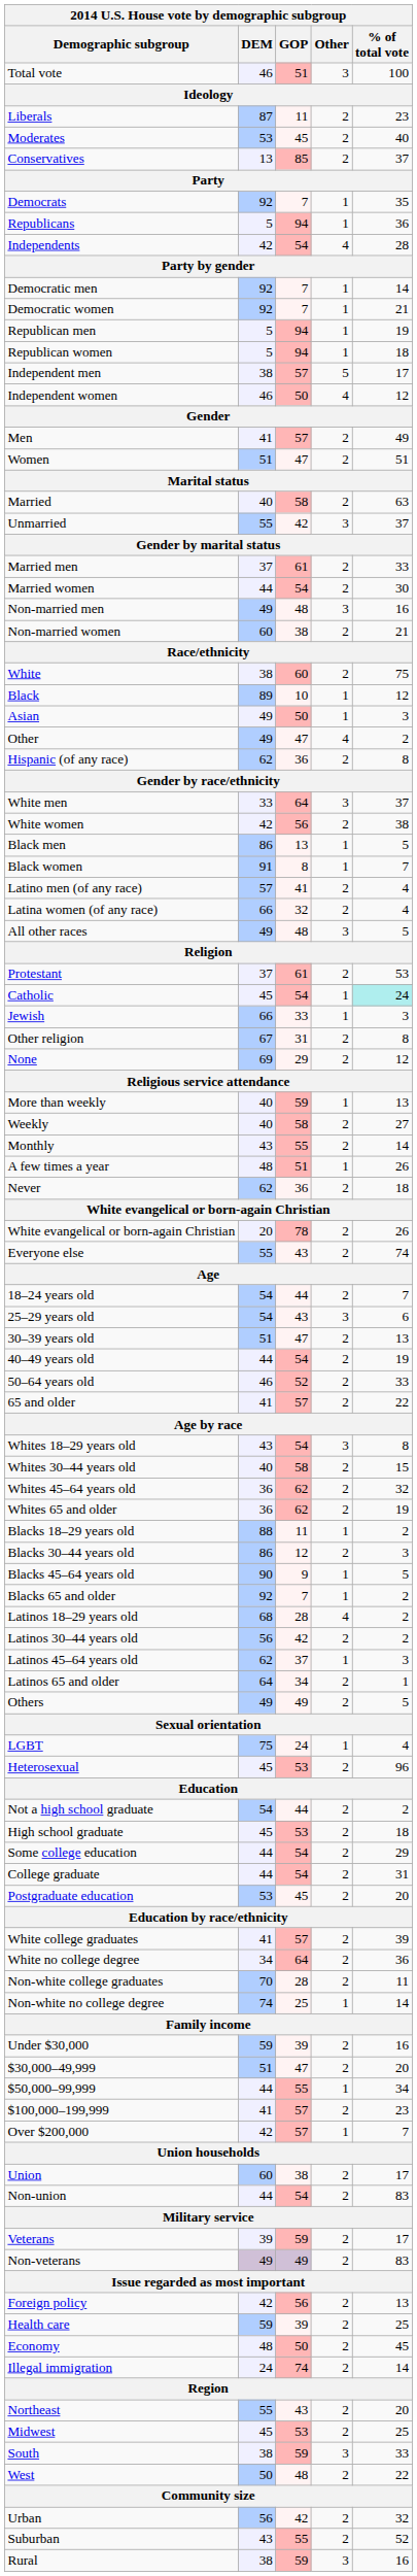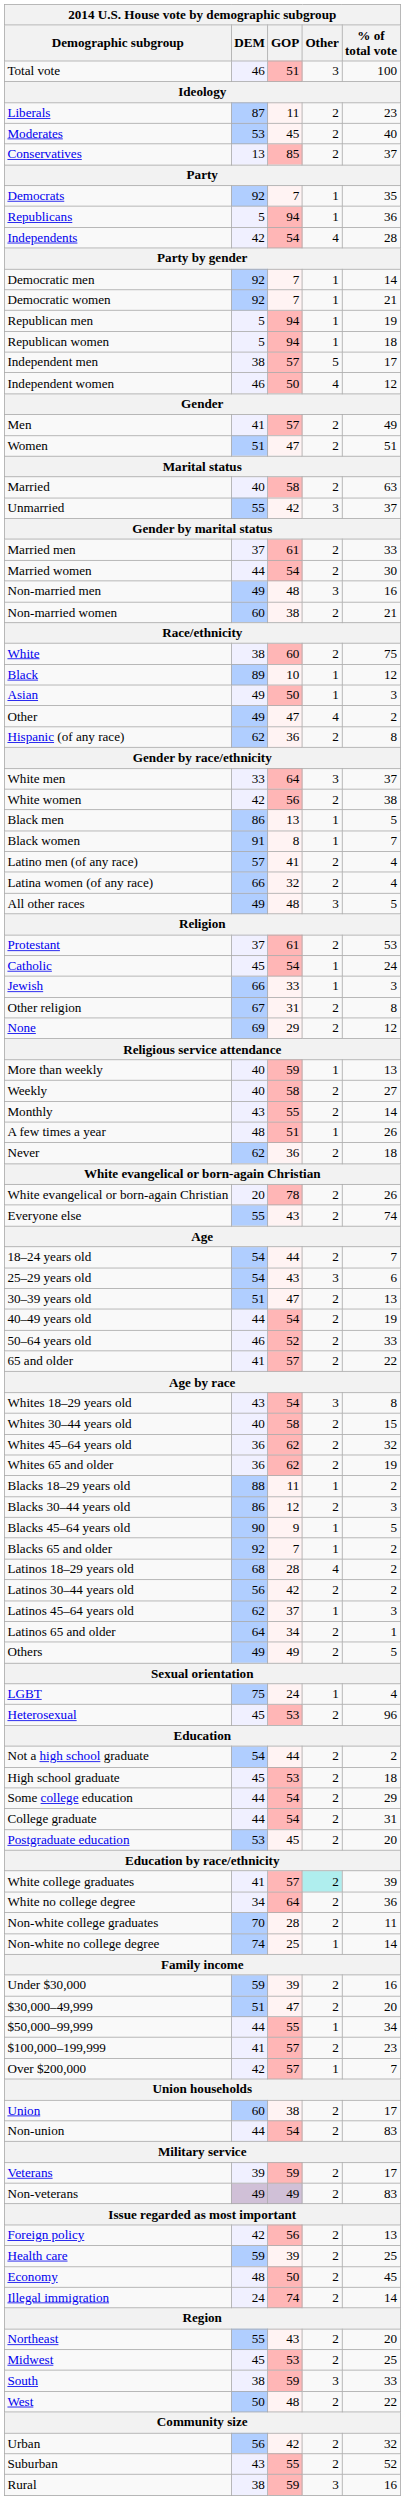 <table class="wikitable sortable">
 <tr>
 <th colspan="8">2014 U.S. House vote by demographic subgroup</th>
 </tr>
 <tr>
 <th>Demographic subgroup</th>
 <th>DEM</th>
 <th>GOP</th>
 <th>Other</th>
 <th>% of<br>total vote</th>
 </tr>
 <tr>
 <td>Total vote</td>
 <td style="text-align:right; background:#f0f0ff">46</td>
 <td style="text-align:right; background:#ffb6b6">51</td>
 <td style="text-align:right">3</td>
 <td style="text-align:right">100</td>
 </tr>
 <tr>
 <th colspan=5>Ideology</th>
 </tr>
 <tr>
 <td><a href='#'>Liberals</a></td>
 <td style="text-align:right; background:#b0ceff">87</td>
 <td style="text-align:right; background:#fff3f3">11</td>
 <td style="text-align:right">2</td>
 <td style="text-align:right">23</td>
 </tr>
 <tr>
 <td><a href='#'>Moderates</a></td>
 <td style="text-align:right; background:#b0ceff">53</td>
 <td style="text-align:right; background:#fff3f3">45</td>
 <td style="text-align:right">2</td>
 <td style="text-align:right">40</td>
 </tr>
 <tr>
 <td><a href='#'>Conservatives</a></td>
 <td style="text-align:right; background:#f0f0ff">13</td>
 <td style="text-align:right; background:#ffb6b6">85</td>
 <td style="text-align:right">2</td>
 <td style="text-align:right">37</td>
 </tr>
 <tr>
 <th colspan=5>Party</th>
 </tr>
 <tr>
 <td><a href='#'>Democrats</a></td>
 <td style="text-align:right; background:#b0ceff">92</td>
 <td style="text-align:right; background:#fff3f3">7</td>
 <td style="text-align:right">1</td>
 <td style="text-align:right">35</td>
 </tr>
 <tr>
 <td><a href='#'>Republicans</a></td>
 <td style="text-align:right; background:#f0f0ff">5</td>
 <td style="text-align:right; background:#ffb6b6">94</td>
 <td style="text-align:right">1</td>
 <td style="text-align:right">36</td>
 </tr>
 <tr>
 <td><a href='#'>Independents</a></td>
 <td style="text-align:right; background:#f0f0ff">42</td>
 <td style="text-align:right; background:#ffb6b6">54</td>
 <td style="text-align:right">4</td>
 <td style="text-align:right">28</td>
 </tr>
 <tr>
 <th colspan=5>Party by gender</th>
 </tr>
 <tr>
 <td>Democratic men</td>
 <td style="text-align:right; background:#b0ceff">92</td>
 <td style="text-align:right; background:#fff3f3">7</td>
 <td style="text-align:right">1</td>
 <td style="text-align:right">14</td>
 </tr>
 <tr>
 <td>Democratic women</td>
 <td style="text-align:right; background:#b0ceff">92</td>
 <td style="text-align:right; background:#fff3f3">7</td>
 <td style="text-align:right">1</td>
 <td style="text-align:right">21</td>
 </tr>
 <tr>
 <td>Republican men</td>
 <td style="text-align:right; background:#f0f0ff">5</td>
 <td style="text-align:right; background:#ffb6b6">94</td>
 <td style="text-align:right">1</td>
 <td style="text-align:right">19</td>
 </tr>
 <tr>
 <td>Republican women</td>
 <td style="text-align:right; background:#f0f0ff">5</td>
 <td style="text-align:right; background:#ffb6b6">94</td>
 <td style="text-align:right">1</td>
 <td style="text-align:right">18</td>
 </tr>
 <tr>
 <td>Independent men</td>
 <td style="text-align:right; background:#f0f0ff">38</td>
 <td style="text-align:right; background:#ffb6b6">57</td>
 <td style="text-align:right">5</td>
 <td style="text-align:right">17</td>
 </tr>
 <tr>
 <td>Independent women</td>
 <td style="text-align:right; background:#f0f0ff">46</td>
 <td style="text-align:right; background:#ffb6b6">50</td>
 <td style="text-align:right">4</td>
 <td style="text-align:right">12</td>
 </tr>
 <tr>
 <th colspan=5>Gender</th>
 </tr>
 <tr>
 <td>Men</td>
 <td style="text-align:right; background:#f0f0ff">41</td>
 <td style="text-align:right; background:#ffb6b6">57</td>
 <td style="text-align:right">2</td>
 <td style="text-align:right">49</td>
 </tr>
 <tr>
 <td>Women</td>
 <td style="text-align:right; background:#b0ceff">51</td>
 <td style="text-align:right; background:#fff3f3">47</td>
 <td style="text-align:right">2</td>
 <td style="text-align:right">51</td>
 </tr>
 <tr>
 <th colspan=5>Marital status</th>
 </tr>
 <tr>
 <td>Married</td>
 <td style="text-align:right; background:#f0f0ff">40</td>
 <td style="text-align:right; background:#ffb6b6">58</td>
 <td style="text-align:right">2</td>
 <td style="text-align:right">63</td>
 </tr>
 <tr>
 <td>Unmarried</td>
 <td style="text-align:right; background:#b0ceff">55</td>
 <td style="text-align:right; background:#fff3f3">42</td>
 <td style="text-align:right">3</td>
 <td style="text-align:right">37</td>
 </tr>
 <tr>
 <th colspan=5>Gender by marital status</th>
 </tr>
 <tr>
 <td>Married men</td>
 <td style="text-align:right; background:#f0f0ff">37</td>
 <td style="text-align:right; background:#ffb6b6">61</td>
 <td style="text-align:right">2</td>
 <td style="text-align:right">33</td>
 </tr>
 <tr>
 <td>Married women</td>
 <td style="text-align:right; background:#f0f0ff">44</td>
 <td style="text-align:right; background:#ffb6b6">54</td>
 <td style="text-align:right">2</td>
 <td style="text-align:right">30</td>
 </tr>
 <tr>
 <td>Non-married men</td>
 <td style="text-align:right; background:#b0ceff">49</td>
 <td style="text-align:right; background:#fff3f3">48</td>
 <td style="text-align:right">3</td>
 <td style="text-align:right">16</td>
 </tr>
 <tr>
 <td>Non-married women</td>
 <td style="text-align:right; background:#b0ceff">60</td>
 <td style="text-align:right; background:#fff3f3">38</td>
 <td style="text-align:right">2</td>
 <td style="text-align:right">21</td>
 </tr>
 <tr>
 <th colspan=5>Race/ethnicity</th>
 </tr>
 <tr>
 <td><a href='#'>White</a></td>
 <td style="text-align:right; background:#f0f0ff">38</td>
 <td style="text-align:right; background:#ffb6b6">60</td>
 <td style="text-align:right">2</td>
 <td style="text-align:right">75</td>
 </tr>
 <tr>
 <td><a href='#'>Black</a></td>
 <td style="text-align:right; background:#b0ceff">89</td>
 <td style="text-align:right; background:#fff3f3">10</td>
 <td style="text-align:right">1</td>
 <td style="text-align:right">12</td>
 </tr>
 <tr>
 <td><a href='#'>Asian</a></td>
 <td style="text-align:right; background:#f0f0ff">49</td>
 <td style="text-align:right; background:#ffb6b6">50</td>
 <td style="text-align:right">1</td>
 <td style="text-align:right">3</td>
 </tr>
 <tr>
 <td>Other</td>
 <td style="text-align:right; background:#b0ceff">49</td>
 <td style="text-align:right; background:#fff3f3">47</td>
 <td style="text-align:right">4</td>
 <td style="text-align:right">2</td>
 </tr>
 <tr>
 <td><a href='#'>Hispanic</a> (of any race)</td>
 <td style="text-align:right; background:#b0ceff">62</td>
 <td style="text-align:right; background:#fff3f3">36</td>
 <td style="text-align:right">2</td>
 <td style="text-align:right">8</td>
 </tr>
 <tr>
 <th colspan=5>Gender by race/ethnicity</th>
 </tr>
 <tr>
 <td>White men</td>
 <td style="text-align:right; background:#f0f0ff">33</td>
 <td style="text-align:right; background:#ffb6b6">64</td>
 <td style="text-align:right">3</td>
 <td style="text-align:right">37</td>
 </tr>
 <tr>
 <td>White women</td>
 <td style="text-align:right; background:#f0f0ff">42</td>
 <td style="text-align:right; background:#ffb6b6">56</td>
 <td style="text-align:right">2</td>
 <td style="text-align:right">38</td>
 </tr>
 <tr>
 <td>Black men</td>
 <td style="text-align:right; background:#b0ceff">86</td>
 <td style="text-align:right; background:#fff3f3">13</td>
 <td style="text-align:right">1</td>
 <td style="text-align:right">5</td>
 </tr>
 <tr>
 <td>Black women</td>
 <td style="text-align:right; background:#b0ceff">91</td>
 <td style="text-align:right; background:#fff3f3">8</td>
 <td style="text-align:right">1</td>
 <td style="text-align:right">7</td>
 </tr>
 <tr>
 <td>Latino men (of any race)</td>
 <td style="text-align:right; background:#b0ceff">57</td>
 <td style="text-align:right; background:#fff3f3">41</td>
 <td style="text-align:right">2</td>
 <td style="text-align:right">4</td>
 </tr>
 <tr>
 <td>Latina women (of any race)</td>
 <td style="text-align:right; background:#b0ceff">66</td>
 <td style="text-align:right; background:#fff3f3">32</td>
 <td style="text-align:right">2</td>
 <td style="text-align:right">4</td>
 </tr>
 <tr>
 <td>All other races</td>
 <td style="text-align:right; background:#b0ceff">49</td>
 <td style="text-align:right; background:#fff3f3">48</td>
 <td style="text-align:right">3</td>
 <td style="text-align:right">5</td>
 </tr>
 <tr>
 <th colspan=5>Religion</th>
 </tr>
 <tr>
 <td><a href='#'>Protestant</a></td>
 <td style="text-align:right; background:#f0f0ff">37</td>
 <td style="text-align:right; background:#ffb6b6">61</td>
 <td style="text-align:right">2</td>
 <td style="text-align:right">53</td>
 </tr>
 <tr>
 <td><a href='#'>Catholic</a></td>
 <td style="text-align:right; background:#f0f0ff">45</td>
 <td style="text-align:right; background:#ffb6b6">54</td>
 <td style="text-align:right">1</td>
-<td style="background: paleturquoise; text-align:right">24</td>
+<td style="text-align:right">24</td>
 </tr>
 <tr>
 <td><a href='#'>Jewish</a></td>
 <td style="text-align:right; background:#b0ceff">66</td>
 <td style="text-align:right; background:#fff3f3">33</td>
 <td style="text-align:right">1</td>
 <td style="text-align:right">3</td>
 </tr>
 <tr>
 <td>Other religion</td>
 <td style="text-align:right; background:#b0ceff">67</td>
 <td style="text-align:right; background:#fff3f3">31</td>
 <td style="text-align:right">2</td>
 <td style="text-align:right">8</td>
 </tr>
 <tr>
 <td><a href='#'>None</a></td>
 <td style="text-align:right; background:#b0ceff">69</td>
 <td style="text-align:right; background:#fff3f3">29</td>
 <td style="text-align:right">2</td>
 <td style="text-align:right">12</td>
 </tr>
 <tr>
 <th colspan=5>Religious service attendance</th>
 </tr>
 <tr>
 <td>More than weekly</td>
 <td style="text-align:right; background:#f0f0ff">40</td>
 <td style="text-align:right; background:#ffb6b6">59</td>
 <td style="text-align:right">1</td>
 <td style="text-align:right">13</td>
 </tr>
 <tr>
 <td>Weekly</td>
 <td style="text-align:right; background:#f0f0ff">40</td>
 <td style="text-align:right; background:#ffb6b6">58</td>
 <td style="text-align:right">2</td>
 <td style="text-align:right">27</td>
 </tr>
 <tr>
 <td>Monthly</td>
 <td style="text-align:right; background:#f0f0ff">43</td>
 <td style="text-align:right; background:#ffb6b6">55</td>
 <td style="text-align:right">2</td>
 <td style="text-align:right">14</td>
 </tr>
 <tr>
 <td>A few times a year</td>
 <td style="text-align:right; background:#f0f0ff">48</td>
 <td style="text-align:right; background:#ffb6b6">51</td>
 <td style="text-align:right">1</td>
 <td style="text-align:right">26</td>
 </tr>
 <tr>
 <td>Never</td>
 <td style="text-align:right; background:#b0ceff">62</td>
 <td style="text-align:right; background:#fff3f3">36</td>
 <td style="text-align:right">2</td>
 <td style="text-align:right">18</td>
 </tr>
 <tr>
 <th colspan=5>White evangelical or born-again Christian</th>
 </tr>
 <tr>
 <td>White evangelical or born-again Christian</td>
 <td style="text-align:right; background:#f0f0ff">20</td>
 <td style="text-align:right; background:#ffb6b6">78</td>
 <td style="text-align:right">2</td>
 <td style="text-align:right">26</td>
 </tr>
 <tr>
 <td>Everyone else</td>
 <td style="text-align:right; background:#b0ceff">55</td>
 <td style="text-align:right; background:#fff3f3">43</td>
 <td style="text-align:right">2</td>
 <td style="text-align:right">74</td>
 </tr>
 <tr>
 <th colspan=5>Age</th>
 </tr>
 <tr>
 <td>18–24 years old</td>
 <td style="text-align:right; background:#b0ceff">54</td>
 <td style="text-align:right; background:#fff3f3">44</td>
 <td style="text-align:right">2</td>
 <td style="text-align:right">7</td>
 </tr>
 <tr>
 <td>25–29 years old</td>
 <td style="text-align:right; background:#b0ceff">54</td>
 <td style="text-align:right; background:#fff3f3">43</td>
 <td style="text-align:right">3</td>
 <td style="text-align:right">6</td>
 </tr>
 <tr>
 <td>30–39 years old</td>
 <td style="text-align:right; background:#b0ceff">51</td>
 <td style="text-align:right; background:#fff3f3">47</td>
 <td style="text-align:right">2</td>
 <td style="text-align:right">13</td>
 </tr>
 <tr>
 <td>40–49 years old</td>
 <td style="text-align:right; background:#f0f0ff">44</td>
 <td style="text-align:right; background:#ffb6b6">54</td>
 <td style="text-align:right">2</td>
 <td style="text-align:right">19</td>
 </tr>
 <tr>
 <td>50–64 years old</td>
 <td style="text-align:right; background:#f0f0ff">46</td>
 <td style="text-align:right; background:#ffb6b6">52</td>
 <td style="text-align:right">2</td>
 <td style="text-align:right">33</td>
 </tr>
 <tr>
 <td>65 and older</td>
 <td style="text-align:right; background:#f0f0ff">41</td>
 <td style="text-align:right; background:#ffb6b6">57</td>
 <td style="text-align:right">2</td>
 <td style="text-align:right">22</td>
 </tr>
 <tr>
 <th colspan=5>Age by race</th>
 </tr>
 <tr>
 <td>Whites 18–29 years old</td>
 <td style="text-align:right; background:#f0f0ff">43</td>
 <td style="text-align:right; background:#ffb6b6">54</td>
 <td style="text-align:right">3</td>
 <td style="text-align:right">8</td>
 </tr>
 <tr>
 <td>Whites 30–44 years old</td>
 <td style="text-align:right; background:#f0f0ff">40</td>
 <td style="text-align:right; background:#ffb6b6">58</td>
 <td style="text-align:right">2</td>
 <td style="text-align:right">15</td>
 </tr>
 <tr>
 <td>Whites 45–64 years old</td>
 <td style="text-align:right; background:#f0f0ff">36</td>
 <td style="text-align:right; background:#ffb6b6">62</td>
 <td style="text-align:right">2</td>
 <td style="text-align:right">32</td>
 </tr>
 <tr>
 <td>Whites 65 and older</td>
 <td style="text-align:right; background:#f0f0ff">36</td>
 <td style="text-align:right; background:#ffb6b6">62</td>
 <td style="text-align:right">2</td>
 <td style="text-align:right">19</td>
 </tr>
 <tr>
 <td>Blacks 18–29 years old</td>
 <td style="text-align:right; background:#b0ceff">88</td>
 <td style="text-align:right; background:#fff3f3">11</td>
 <td style="text-align:right">1</td>
 <td style="text-align:right">2</td>
 </tr>
 <tr>
 <td>Blacks 30–44 years old</td>
 <td style="text-align:right; background:#b0ceff">86</td>
 <td style="text-align:right; background:#fff3f3">12</td>
 <td style="text-align:right">2</td>
 <td style="text-align:right">3</td>
 </tr>
 <tr>
 <td>Blacks 45–64 years old</td>
 <td style="text-align:right; background:#b0ceff">90</td>
 <td style="text-align:right; background:#fff3f3">9</td>
 <td style="text-align:right">1</td>
 <td style="text-align:right">5</td>
 </tr>
 <tr>
 <td>Blacks 65 and older</td>
 <td style="text-align:right; background:#b0ceff">92</td>
 <td style="text-align:right; background:#fff3f3">7</td>
 <td style="text-align:right">1</td>
 <td style="text-align:right">2</td>
 </tr>
 <tr>
 <td>Latinos 18–29 years old</td>
 <td style="text-align:right; background:#b0ceff">68</td>
 <td style="text-align:right; background:#fff3f3">28</td>
 <td style="text-align:right">4</td>
 <td style="text-align:right">2</td>
 </tr>
 <tr>
 <td>Latinos 30–44 years old</td>
 <td style="text-align:right; background:#b0ceff">56</td>
 <td style="text-align:right; background:#fff3f3">42</td>
 <td style="text-align:right">2</td>
 <td style="text-align:right">2</td>
 </tr>
 <tr>
 <td>Latinos 45–64 years old</td>
 <td style="text-align:right; background:#b0ceff">62</td>
 <td style="text-align:right; background:#fff3f3">37</td>
 <td style="text-align:right">1</td>
 <td style="text-align:right">3</td>
 </tr>
 <tr>
 <td>Latinos 65 and older</td>
 <td style="text-align:right; background:#b0ceff">64</td>
 <td style="text-align:right; background:#fff3f3">34</td>
 <td style="text-align:right">2</td>
 <td style="text-align:right">1</td>
 </tr>
 <tr>
 <td>Others</td>
 <td style="text-align:right; background:#b0ceff">49</td>
 <td style="text-align:right; background:#fff3f3">49</td>
 <td style="text-align:right">2</td>
 <td style="text-align:right">5</td>
 </tr>
 <tr>
 <th colspan=5>Sexual orientation</th>
 </tr>
 <tr>
 <td><a href='#'>LGBT</a></td>
 <td style="text-align:right; background:#b0ceff">75</td>
 <td style="text-align:right; background:#fff3f3">24</td>
 <td style="text-align:right">1</td>
 <td style="text-align:right">4</td>
 </tr>
 <tr>
 <td><a href='#'>Heterosexual</a></td>
 <td style="text-align:right; background:#f0f0ff">45</td>
 <td style="text-align:right; background:#ffb6b6">53</td>
 <td style="text-align:right">2</td>
 <td style="text-align:right">96</td>
 </tr>
 <tr>
 <th colspan=5>Education</th>
 </tr>
 <tr>
 <td>Not a <a href='#'>high school</a> graduate</td>
 <td style="text-align:right; background:#b0ceff">54</td>
 <td style="text-align:right; background:#fff3f3">44</td>
 <td style="text-align:right">2</td>
 <td style="text-align:right">2</td>
 </tr>
 <tr>
 <td>High school graduate</td>
 <td style="text-align:right; background:#f0f0ff">45</td>
 <td style="text-align:right; background:#ffb6b6">53</td>
 <td style="text-align:right">2</td>
 <td style="text-align:right">18</td>
 </tr>
 <tr>
 <td>Some <a href='#'>college</a> education</td>
 <td style="text-align:right; background:#f0f0ff">44</td>
 <td style="text-align:right; background:#ffb6b6">54</td>
 <td style="text-align:right">2</td>
 <td style="text-align:right">29</td>
 </tr>
 <tr>
 <td>College graduate</td>
 <td style="text-align:right; background:#f0f0ff">44</td>
 <td style="text-align:right; background:#ffb6b6">54</td>
 <td style="text-align:right">2</td>
 <td style="text-align:right">31</td>
 </tr>
 <tr>
 <td><a href='#'>Postgraduate education</a></td>
 <td style="text-align:right; background:#b0ceff">53</td>
 <td style="text-align:right; background:#fff3f3">45</td>
 <td style="text-align:right">2</td>
 <td style="text-align:right">20</td>
 </tr>
 <tr>
 <th colspan=5>Education by race/ethnicity</th>
 </tr>
 <tr>
 <td>White college graduates</td>
 <td style="text-align:right; background:#f0f0ff">41</td>
 <td style="text-align:right; background:#ffb6b6">57</td>
-<td style="text-align:right">2</td>
+<td style="background: paleturquoise; text-align:right">2</td>
 <td style="text-align:right">39</td>
 </tr>
 <tr>
 <td>White no college degree</td>
 <td style="text-align:right; background:#f0f0ff">34</td>
 <td style="text-align:right; background:#ffb6b6">64</td>
 <td style="text-align:right">2</td>
 <td style="text-align:right">36</td>
 </tr>
 <tr>
 <td>Non-white college graduates</td>
 <td style="text-align:right; background:#b0ceff">70</td>
 <td style="text-align:right; background:#fff3f3">28</td>
 <td style="text-align:right">2</td>
 <td style="text-align:right">11</td>
 </tr>
 <tr>
 <td>Non-white no college degree</td>
 <td style="text-align:right; background:#b0ceff">74</td>
 <td style="text-align:right; background:#fff3f3">25</td>
 <td style="text-align:right">1</td>
 <td style="text-align:right">14</td>
 </tr>
 <tr>
 <th colspan=5>Family income</th>
 </tr>
 <tr>
 <td>Under $30,000</td>
 <td style="text-align:right; background:#b0ceff">59</td>
 <td style="text-align:right; background:#fff3f3">39</td>
 <td style="text-align:right">2</td>
 <td style="text-align:right">16</td>
 </tr>
 <tr>
 <td>$30,000–49,999</td>
 <td style="text-align:right; background:#b0ceff">51</td>
 <td style="text-align:right; background:#fff3f3">47</td>
 <td style="text-align:right">2</td>
 <td style="text-align:right">20</td>
 </tr>
 <tr>
 <td>$50,000–99,999</td>
 <td style="text-align:right; background:#f0f0ff">44</td>
 <td style="text-align:right; background:#ffb6b6">55</td>
 <td style="text-align:right">1</td>
 <td style="text-align:right">34</td>
 </tr>
 <tr>
 <td>$100,000–199,999</td>
 <td style="text-align:right; background:#f0f0ff">41</td>
 <td style="text-align:right; background:#ffb6b6">57</td>
 <td style="text-align:right">2</td>
 <td style="text-align:right">23</td>
 </tr>
 <tr>
 <td>Over $200,000</td>
 <td style="text-align:right; background:#f0f0ff">42</td>
 <td style="text-align:right; background:#ffb6b6">57</td>
 <td style="text-align:right">1</td>
 <td style="text-align:right">7</td>
 </tr>
 <tr>
 <th colspan=5>Union households</th>
 </tr>
 <tr>
 <td><a href='#'>Union</a></td>
 <td style="text-align:right; background:#b0ceff">60</td>
 <td style="text-align:right; background:#fff3f3">38</td>
 <td style="text-align:right">2</td>
 <td style="text-align:right">17</td>
 </tr>
 <tr>
 <td>Non-union</td>
 <td style="text-align:right; background:#f0f0ff">44</td>
 <td style="text-align:right; background:#ffb6b6">54</td>
 <td style="text-align:right">2</td>
 <td style="text-align:right">83</td>
 </tr>
 <tr>
 <th colspan=5>Military service</th>
 </tr>
 <tr>
 <td><a href='#'>Veterans</a></td>
 <td style="text-align:right; background:#f0f0ff">39</td>
 <td style="text-align:right; background:#ffb6b6">59</td>
 <td style="text-align:right">2</td>
 <td style="text-align:right">17</td>
 </tr>
 <tr>
 <td>Non-veterans</td>
 <td style="text-align:right; background:#d0c0d7">49</td>
 <td style="text-align:right; background:#d0c0d7">49</td>
 <td style="text-align:right">2</td>
 <td style="text-align:right">83</td>
 </tr>
 <tr>
 <th colspan=5>Issue regarded as most important</th>
 </tr>
 <tr>
 <td><a href='#'>Foreign policy</a></td>
 <td style="text-align:right; background:#f0f0ff">42</td>
 <td style="text-align:right; background:#ffb6b6">56</td>
 <td style="text-align:right">2</td>
 <td style="text-align:right">13</td>
 </tr>
 <tr>
 <td><a href='#'>Health care</a></td>
 <td style="text-align:right; background:#b0ceff">59</td>
 <td style="text-align:right; background:#fff3f3">39</td>
 <td style="text-align:right">2</td>
 <td style="text-align:right">25</td>
 </tr>
 <tr>
 <td><a href='#'>Economy</a></td>
 <td style="text-align:right; background:#f0f0ff">48</td>
 <td style="text-align:right; background:#ffb6b6">50</td>
 <td style="text-align:right">2</td>
 <td style="text-align:right">45</td>
 </tr>
 <tr>
 <td><a href='#'>Illegal immigration</a></td>
 <td style="text-align:right; background:#f0f0ff">24</td>
 <td style="text-align:right; background:#ffb6b6">74</td>
 <td style="text-align:right">2</td>
 <td style="text-align:right">14</td>
 </tr>
 <tr>
 <th colspan=5>Region</th>
 </tr>
 <tr>
 <td><a href='#'>Northeast</a></td>
 <td style="text-align:right; background:#b0ceff">55</td>
 <td style="text-align:right; background:#fff3f3">43</td>
 <td style="text-align:right">2</td>
 <td style="text-align:right">20</td>
 </tr>
 <tr>
 <td><a href='#'>Midwest</a></td>
 <td style="text-align:right; background:#f0f0ff">45</td>
 <td style="text-align:right; background:#ffb6b6">53</td>
 <td style="text-align:right">2</td>
 <td style="text-align:right">25</td>
 </tr>
 <tr>
 <td><a href='#'>South</a></td>
 <td style="text-align:right; background:#f0f0ff">38</td>
 <td style="text-align:right; background:#ffb6b6">59</td>
 <td style="text-align:right">3</td>
 <td style="text-align:right">33</td>
 </tr>
 <tr>
 <td><a href='#'>West</a></td>
 <td style="text-align:right; background:#b0ceff">50</td>
 <td style="text-align:right; background:#fff3f3">48</td>
 <td style="text-align:right">2</td>
 <td style="text-align:right">22</td>
 </tr>
 <tr>
 <th colspan=5>Community size</th>
 </tr>
 <tr>
 <td>Urban</td>
 <td style="text-align:right; background:#b0ceff">56</td>
 <td style="text-align:right; background:#fff3f3">42</td>
 <td style="text-align:right">2</td>
 <td style="text-align:right">32</td>
 </tr>
 <tr>
 <td>Suburban</td>
 <td style="text-align:right; background:#f0f0ff">43</td>
 <td style="text-align:right; background:#ffb6b6">55</td>
 <td style="text-align:right">2</td>
 <td style="text-align:right">52</td>
 </tr>
 <tr>
 <td>Rural</td>
 <td style="text-align:right; background:#f0f0ff">38</td>
 <td style="text-align:right; background:#ffb6b6">59</td>
 <td style="text-align:right">3</td>
 <td style="text-align:right">16</td>
 </tr>
 </table>
